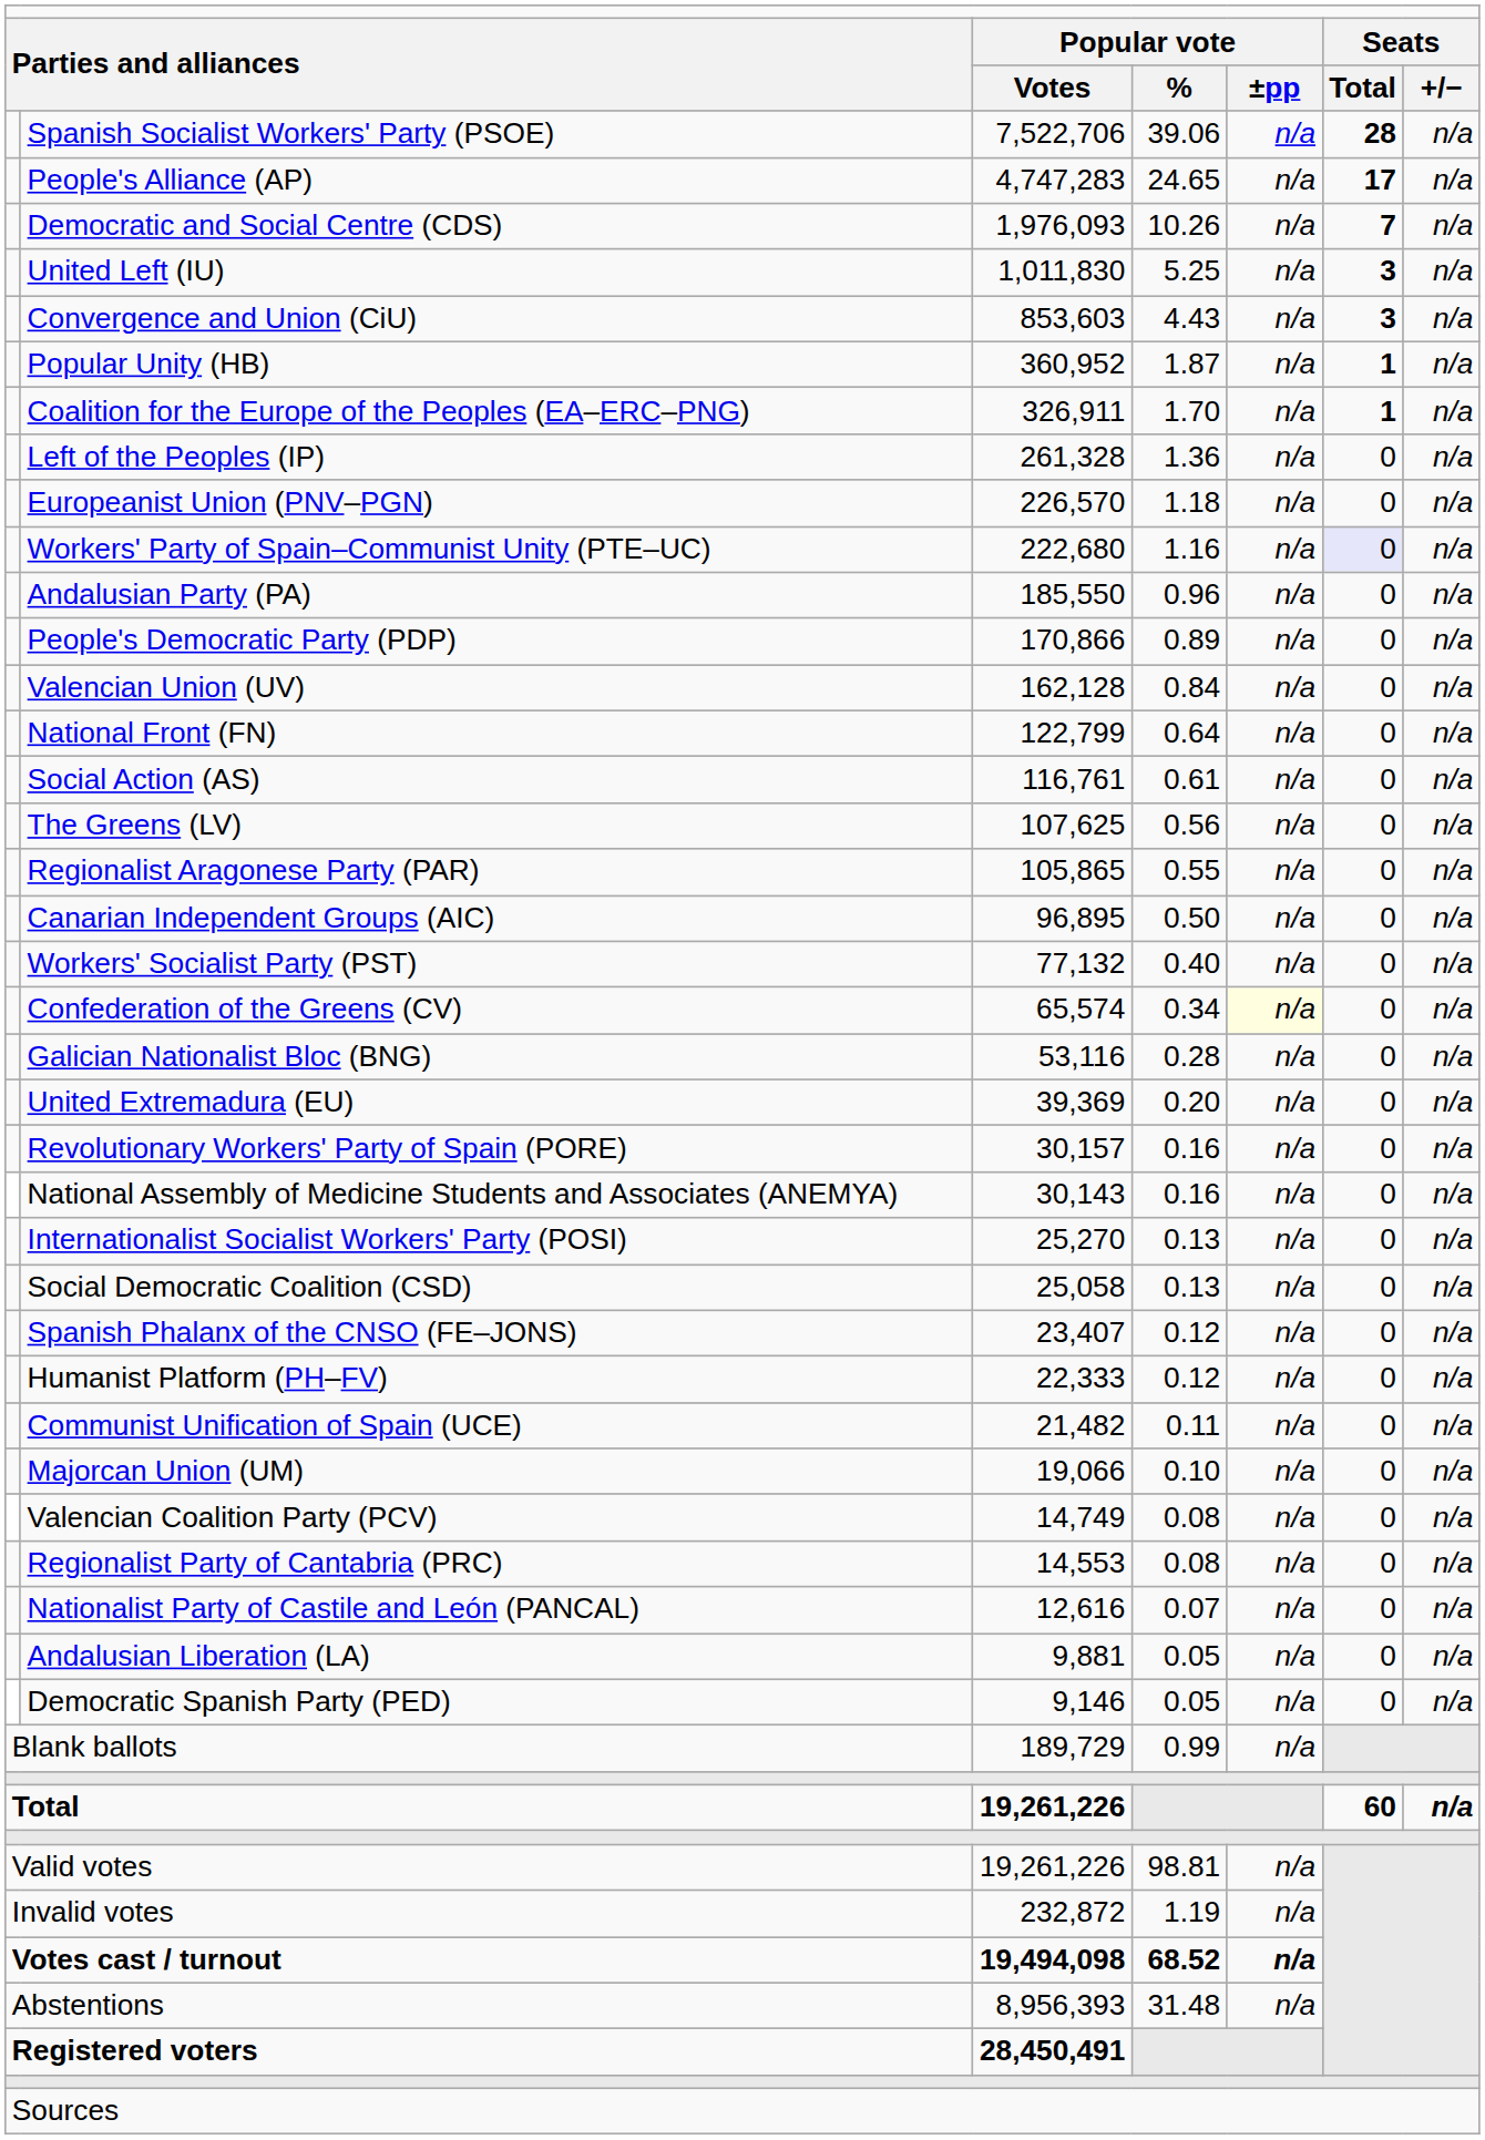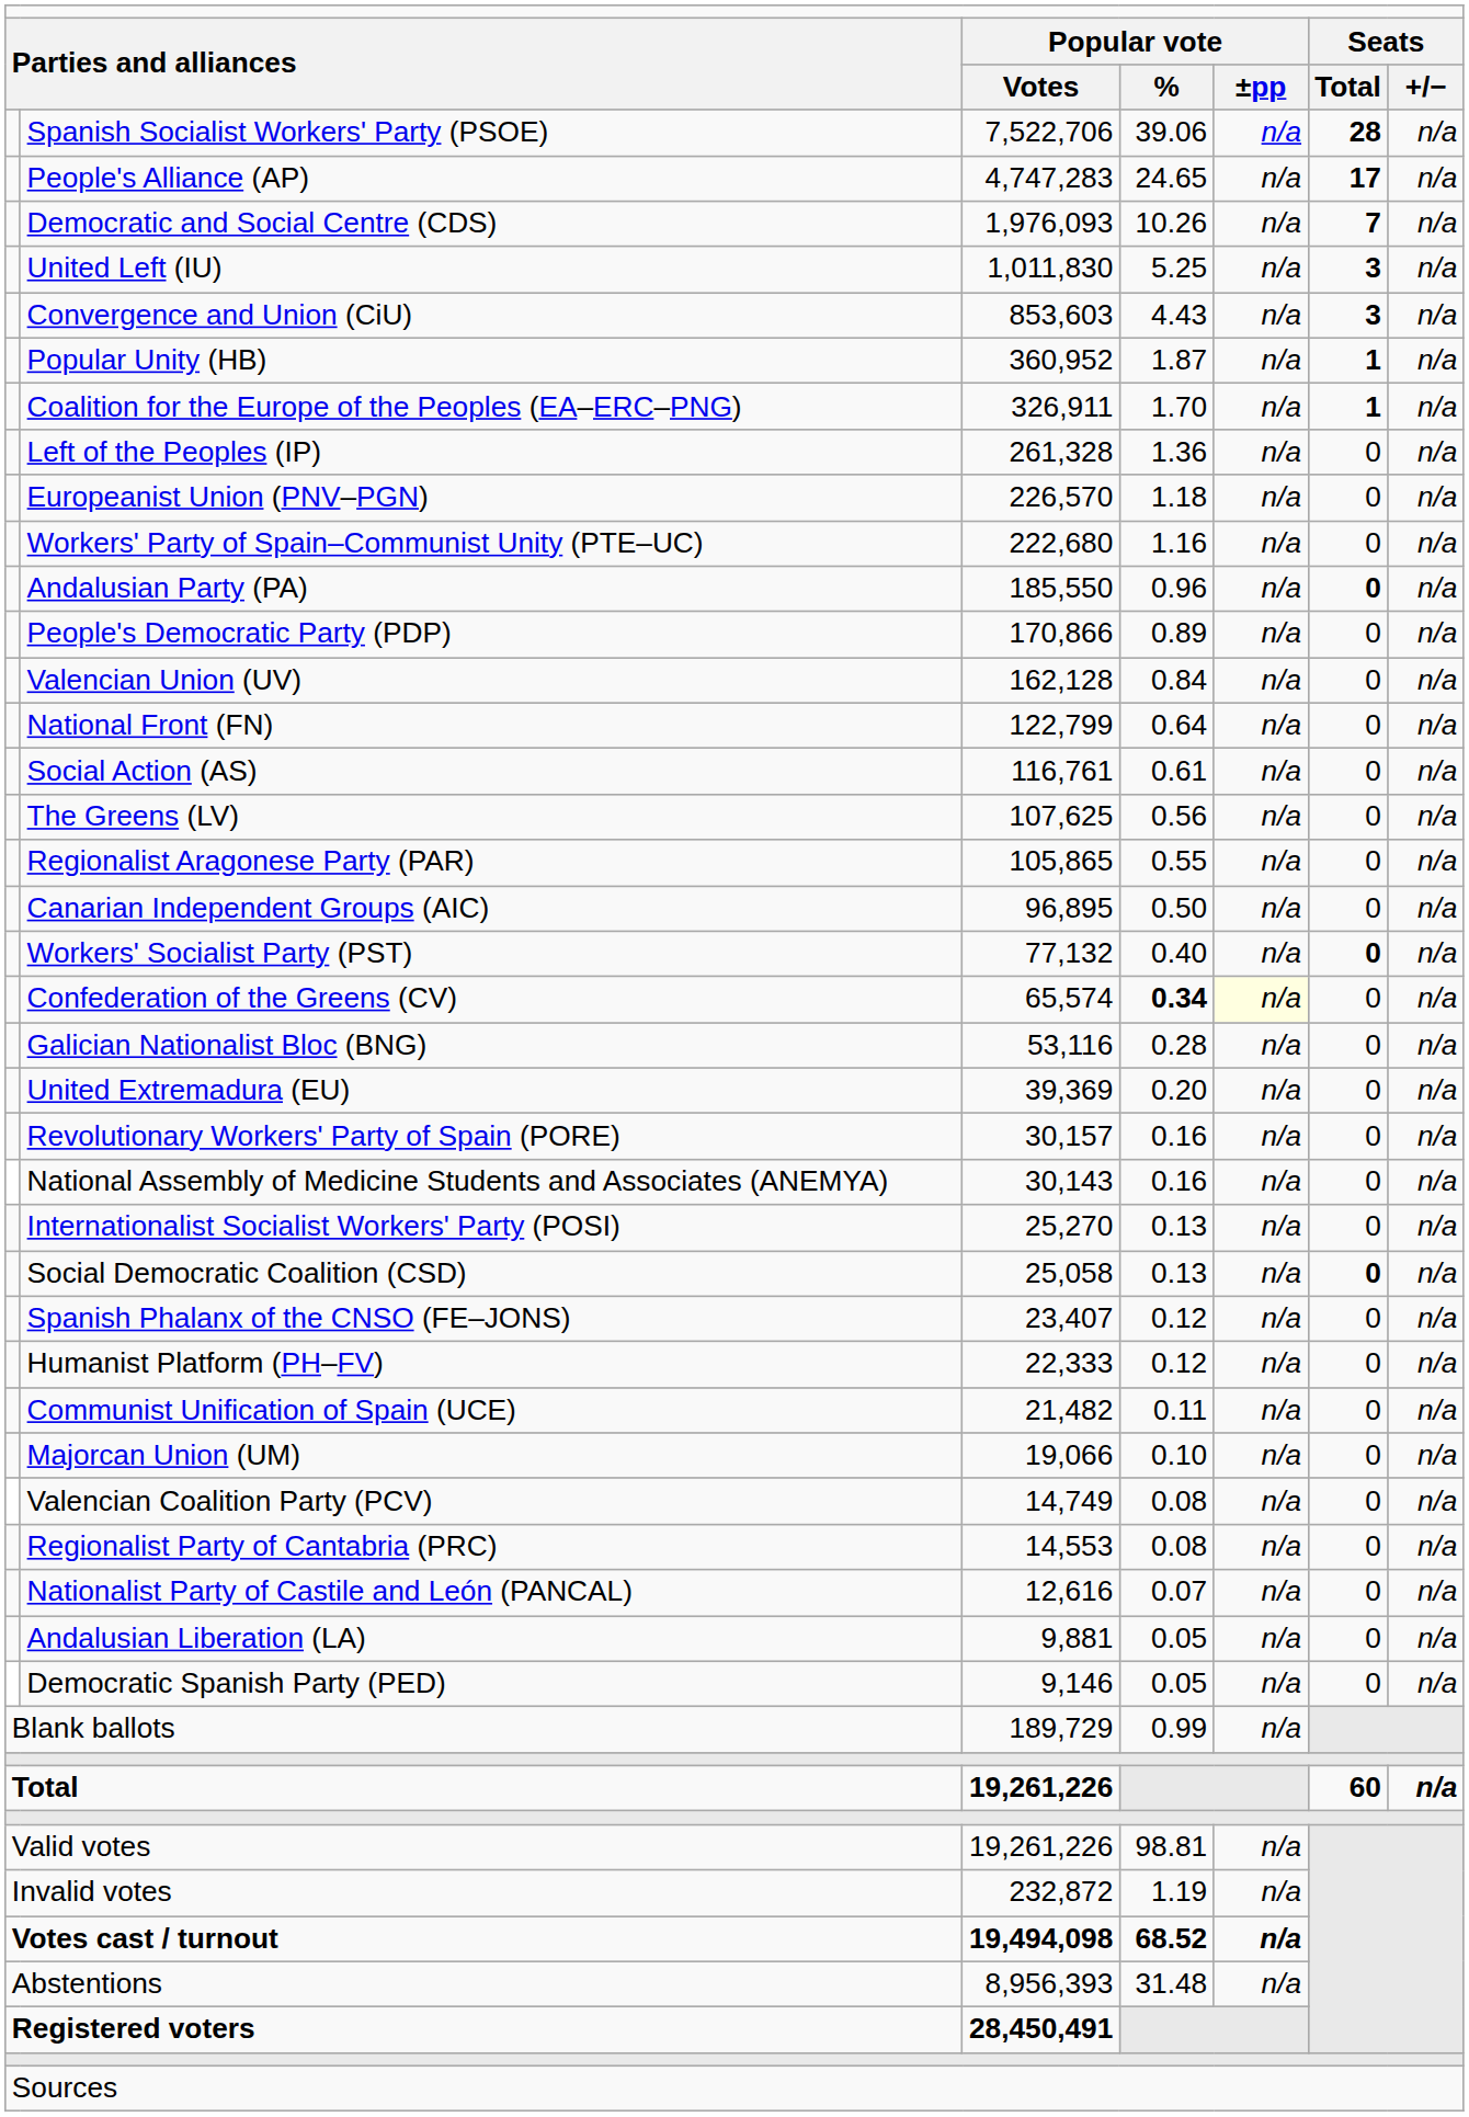 <table class="wikitable" style="text-align:right">
 <tr>
 <td colspan="7"></td>
 </tr>
 <tr>
 <th style="text-align:left;" rowspan="2" colspan="2" width="525">Parties and alliances</th>
 <th colspan="3">Popular vote</th>
 <th colspan="2">Seats</th>
 </tr>
 <tr>
 <th width="75">Votes</th>
 <th width="45">%</th>
 <th width="45">±<a href='#'>pp</a></th>
 <th width="35">Total</th>
 <th width="35">+/−</th>
 </tr>
 <tr>
 <td width="1" style="color:inherit;background:"></td>
 <td align="left"><a href='#'>Spanish Socialist Workers' Party</a> (PSOE)</td>
 <td>7,522,706</td>
 <td>39.06</td>
 <td><em><a href='#'>n/a</a></em></td>
 <td><strong>28</strong></td>
 <td><em>n/a</em></td>
 </tr>
 <tr>
 <td style="color:inherit;background:"></td>
 <td align="left"><a href='#'>People's Alliance</a> (AP)</td>
 <td>4,747,283</td>
 <td>24.65</td>
 <td><em>n/a</em></td>
 <td><strong>17</strong></td>
 <td><em>n/a</em></td>
 </tr>
 <tr>
 <td style="color:inherit;background:"></td>
 <td align="left"><a href='#'>Democratic and Social Centre</a> (CDS)</td>
 <td>1,976,093</td>
 <td>10.26</td>
 <td><em>n/a</em></td>
 <td><strong>7</strong></td>
 <td><em>n/a</em></td>
 </tr>
 <tr>
 <td style="color:inherit;background:"></td>
 <td align="left"><a href='#'>United Left</a> (IU)</td>
 <td>1,011,830</td>
 <td>5.25</td>
 <td><em>n/a</em></td>
 <td><strong>3</strong></td>
 <td><em>n/a</em></td>
 </tr>
 <tr>
 <td style="color:inherit;background:"></td>
 <td align="left"><a href='#'>Convergence and Union</a> (CiU)</td>
 <td>853,603</td>
 <td>4.43</td>
 <td><em>n/a</em></td>
 <td><strong>3</strong></td>
 <td><em>n/a</em></td>
 </tr>
 <tr>
 <td style="color:inherit;background:"></td>
 <td align="left"><a href='#'>Popular Unity</a> (HB)</td>
 <td>360,952</td>
 <td>1.87</td>
 <td><em>n/a</em></td>
 <td><strong>1</strong></td>
 <td><em>n/a</em></td>
 </tr>
 <tr>
 <td style="color:inherit;background:"></td>
 <td align="left"><a href='#'>Coalition for the Europe of the Peoples</a> (<a href='#'>EA</a>–<a href='#'>ERC</a>–<a href='#'>PNG</a>)</td>
 <td>326,911</td>
 <td>1.70</td>
 <td><em>n/a</em></td>
 <td><strong>1</strong></td>
 <td><em>n/a</em></td>
 </tr>
 <tr>
 <td style="color:inherit;background:"></td>
 <td align="left"><a href='#'>Left of the Peoples</a> (IP)</td>
 <td>261,328</td>
 <td>1.36</td>
 <td><em>n/a</em></td>
 <td>0</td>
 <td><em>n/a</em></td>
 </tr>
 <tr>
 <td style="color:inherit;background:"></td>
 <td align="left"><a href='#'>Europeanist Union</a> (<a href='#'>PNV</a>–<a href='#'>PGN</a>)</td>
 <td>226,570</td>
 <td>1.18</td>
 <td><em>n/a</em></td>
 <td>0</td>
 <td><em>n/a</em></td>
 </tr>
 <tr>
 <td style="color:inherit;background:"></td>
 <td align="left"><a href='#'>Workers' Party of Spain–Communist Unity</a> (PTE–UC)</td>
 <td>222,680</td>
 <td>1.16</td>
 <td><em>n/a</em></td>
-<td style="background: lavender;">0</td>
+<td>0</td>
 <td><em>n/a</em></td>
 </tr>
 <tr>
 <td style="color:inherit;background:"></td>
 <td align="left"><a href='#'>Andalusian Party</a> (PA)</td>
 <td>185,550</td>
 <td>0.96</td>
 <td><em>n/a</em></td>
-<td>0</td>
+<td><strong>0</strong></td>
 <td><em>n/a</em></td>
 </tr>
 <tr>
 <td style="color:inherit;background:"></td>
 <td align="left"><a href='#'>People's Democratic Party</a> (PDP)</td>
 <td>170,866</td>
 <td>0.89</td>
 <td><em>n/a</em></td>
 <td>0</td>
 <td><em>n/a</em></td>
 </tr>
 <tr>
 <td style="color:inherit;background:"></td>
 <td align="left"><a href='#'>Valencian Union</a> (UV)</td>
 <td>162,128</td>
 <td>0.84</td>
 <td><em>n/a</em></td>
 <td>0</td>
 <td><em>n/a</em></td>
 </tr>
 <tr>
 <td style="color:inherit;background:"></td>
 <td align="left"><a href='#'>National Front</a> (FN)</td>
 <td>122,799</td>
 <td>0.64</td>
 <td><em>n/a</em></td>
 <td>0</td>
 <td><em>n/a</em></td>
 </tr>
 <tr>
 <td style="color:inherit;background:"></td>
 <td align="left"><a href='#'>Social Action</a> (AS)</td>
 <td>116,761</td>
 <td>0.61</td>
 <td><em>n/a</em></td>
 <td>0</td>
 <td><em>n/a</em></td>
 </tr>
 <tr>
 <td style="color:inherit;background:"></td>
 <td align="left"><a href='#'>The Greens</a> (LV)</td>
 <td>107,625</td>
 <td>0.56</td>
 <td><em>n/a</em></td>
 <td>0</td>
 <td><em>n/a</em></td>
 </tr>
 <tr>
 <td style="color:inherit;background:"></td>
 <td align="left"><a href='#'>Regionalist Aragonese Party</a> (PAR)</td>
 <td>105,865</td>
 <td>0.55</td>
 <td><em>n/a</em></td>
 <td>0</td>
 <td><em>n/a</em></td>
 </tr>
 <tr>
 <td style="color:inherit;background:"></td>
 <td align="left"><a href='#'>Canarian Independent Groups</a> (AIC)</td>
 <td>96,895</td>
 <td>0.50</td>
 <td><em>n/a</em></td>
 <td>0</td>
 <td><em>n/a</em></td>
 </tr>
 <tr>
 <td style="color:inherit;background:"></td>
 <td align="left"><a href='#'>Workers' Socialist Party</a> (PST)</td>
 <td>77,132</td>
 <td>0.40</td>
 <td><em>n/a</em></td>
-<td>0</td>
+<td><strong>0</strong></td>
 <td><em>n/a</em></td>
 </tr>
 <tr>
 <td style="color:inherit;background:"></td>
 <td align="left"><a href='#'>Confederation of the Greens</a> (CV)</td>
 <td>65,574</td>
-<td>0.34</td>
+<td><strong>0.34</strong></td>
 <td style="background: lightyellow;"><em>n/a</em></td>
 <td>0</td>
 <td><em>n/a</em></td>
 </tr>
 <tr>
 <td style="color:inherit;background:"></td>
 <td align="left"><a href='#'>Galician Nationalist Bloc</a> (BNG)</td>
 <td>53,116</td>
 <td>0.28</td>
 <td><em>n/a</em></td>
 <td>0</td>
 <td><em>n/a</em></td>
 </tr>
 <tr>
 <td style="color:inherit;background:"></td>
 <td align="left"><a href='#'>United Extremadura</a> (EU)</td>
 <td>39,369</td>
 <td>0.20</td>
 <td><em>n/a</em></td>
 <td>0</td>
 <td><em>n/a</em></td>
 </tr>
 <tr>
 <td style="color:inherit;background:"></td>
 <td align="left"><a href='#'>Revolutionary Workers' Party of Spain</a> (PORE)</td>
 <td>30,157</td>
 <td>0.16</td>
 <td><em>n/a</em></td>
 <td>0</td>
 <td><em>n/a</em></td>
 </tr>
 <tr>
 <td bgcolor="white"></td>
 <td align="left">National Assembly of Medicine Students and Associates (ANEMYA)</td>
 <td>30,143</td>
 <td>0.16</td>
 <td><em>n/a</em></td>
 <td>0</td>
 <td><em>n/a</em></td>
 </tr>
 <tr>
 <td style="color:inherit;background:"></td>
 <td align="left"><a href='#'>Internationalist Socialist Workers' Party</a> (POSI)</td>
 <td>25,270</td>
 <td>0.13</td>
 <td><em>n/a</em></td>
 <td>0</td>
 <td><em>n/a</em></td>
 </tr>
 <tr>
 <td style="color:inherit;background:"></td>
 <td align="left">Social Democratic Coalition (CSD)</td>
 <td>25,058</td>
 <td>0.13</td>
 <td><em>n/a</em></td>
-<td>0</td>
+<td><strong>0</strong></td>
 <td><em>n/a</em></td>
 </tr>
 <tr>
 <td style="color:inherit;background:"></td>
 <td align="left"><a href='#'>Spanish Phalanx of the CNSO</a> (FE–JONS)</td>
 <td>23,407</td>
 <td>0.12</td>
 <td><em>n/a</em></td>
 <td>0</td>
 <td><em>n/a</em></td>
 </tr>
 <tr>
 <td style="color:inherit;background:"></td>
 <td align="left">Humanist Platform (<a href='#'>PH</a>–<a href='#'>FV</a>)</td>
 <td>22,333</td>
 <td>0.12</td>
 <td><em>n/a</em></td>
 <td>0</td>
 <td><em>n/a</em></td>
 </tr>
 <tr>
 <td style="color:inherit;background:"></td>
 <td align="left"><a href='#'>Communist Unification of Spain</a> (UCE)</td>
 <td>21,482</td>
 <td>0.11</td>
 <td><em>n/a</em></td>
 <td>0</td>
 <td><em>n/a</em></td>
 </tr>
 <tr>
 <td style="color:inherit;background:"></td>
 <td align="left"><a href='#'>Majorcan Union</a> (UM)</td>
 <td>19,066</td>
 <td>0.10</td>
 <td><em>n/a</em></td>
 <td>0</td>
 <td><em>n/a</em></td>
 </tr>
 <tr>
 <td bgcolor="white"></td>
 <td align="left">Valencian Coalition Party (PCV)</td>
 <td>14,749</td>
 <td>0.08</td>
 <td><em>n/a</em></td>
 <td>0</td>
 <td><em>n/a</em></td>
 </tr>
 <tr>
 <td style="color:inherit;background:"></td>
 <td align="left"><a href='#'>Regionalist Party of Cantabria</a> (PRC)</td>
 <td>14,553</td>
 <td>0.08</td>
 <td><em>n/a</em></td>
 <td>0</td>
 <td><em>n/a</em></td>
 </tr>
 <tr>
 <td style="color:inherit;background:"></td>
 <td align="left"><a href='#'>Nationalist Party of Castile and León</a> (PANCAL)</td>
 <td>12,616</td>
 <td>0.07</td>
 <td><em>n/a</em></td>
 <td>0</td>
 <td><em>n/a</em></td>
 </tr>
 <tr>
 <td style="color:inherit;background:"></td>
 <td align="left"><a href='#'>Andalusian Liberation</a> (LA)</td>
 <td>9,881</td>
 <td>0.05</td>
 <td><em>n/a</em></td>
 <td>0</td>
 <td><em>n/a</em></td>
 </tr>
 <tr>
 <td bgcolor="white"></td>
 <td align="left">Democratic Spanish Party (PED)</td>
 <td>9,146</td>
 <td>0.05</td>
 <td><em>n/a</em></td>
 <td>0</td>
 <td><em>n/a</em></td>
 </tr>
 <tr>
 <td align="left" colspan="2">Blank ballots</td>
 <td>189,729</td>
 <td>0.99</td>
 <td><em>n/a</em></td>
 <td bgcolor="#E9E9E9" colspan="2"></td>
 </tr>
 <tr>
 <td colspan="7" bgcolor="#E9E9E9"></td>
 </tr>
 <tr style="font-weight:bold;">
 <td align="left" colspan="2">Total</td>
 <td>19,261,226</td>
 <td bgcolor="#E9E9E9" colspan="2"></td>
 <td>60</td>
 <td><em>n/a</em></td>
 </tr>
 <tr>
 <td colspan="7" bgcolor="#E9E9E9"></td>
 </tr>
 <tr>
 <td align="left" colspan="2">Valid votes</td>
 <td>19,261,226</td>
 <td>98.81</td>
 <td><em>n/a</em></td>
 <td bgcolor="#E9E9E9" colspan="2" rowspan="5"></td>
 </tr>
 <tr>
 <td align="left" colspan="2">Invalid votes</td>
 <td>232,872</td>
 <td>1.19</td>
 <td><em>n/a</em></td>
 </tr>
 <tr style="font-weight:bold;">
 <td align="left" colspan="2">Votes cast / turnout</td>
 <td>19,494,098</td>
 <td>68.52</td>
 <td><em>n/a</em></td>
 </tr>
 <tr>
 <td align="left" colspan="2">Abstentions</td>
 <td>8,956,393</td>
 <td>31.48</td>
 <td><em>n/a</em></td>
 </tr>
 <tr style="font-weight:bold;">
 <td align="left" colspan="2">Registered voters</td>
 <td>28,450,491</td>
 <td bgcolor="#E9E9E9" colspan="2"></td>
 </tr>
 <tr>
 <td colspan="7" bgcolor="#E9E9E9"></td>
 </tr>
 <tr>
 <td align="left" colspan="7">Sources</td>
 </tr>
 </table>
